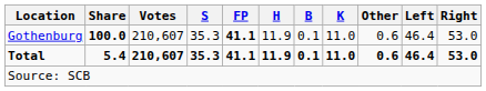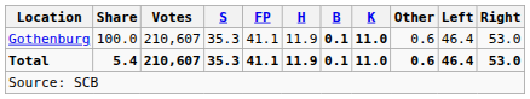 <table class="wikitable sortable" style=text-align:right>
 <tr>
 <th>Location</th>
 <th>Share</th>
 <th>Votes</th>
 <th><a href='#'>S</a></th>
 <th><a href='#'>FP</a></th>
 <th><a href='#'>H</a></th>
 <th><a href='#'>B</a></th>
 <th><a href='#'>K</a></th>
 <th>Other</th>
 <th>Left</th>
 <th>Right</th>
 </tr>
 <tr>
 <td align=left><a href='#'>Gothenburg</a></td>
-<td><strong>100.0</strong></td>
+<td>100.0</td>
 <td>210,607</td>
 <td>35.3</td>
-<td><strong>41.1</strong></td>
+<td>41.1</td>
 <td>11.9</td>
-<td>0.1</td>
-<td>11.0</td>
+<td><strong>0.1</strong></td>
+<td><strong>11.0</strong></td>
 <td>0.6</td>
 <td>46.4</td>
 <td>53.0</td>
 </tr>
 <tr>
 <td align=left><strong>Total</strong></td>
 <td><strong>5.4</strong></td>
 <td><strong>210,607</strong></td>
 <td><strong>35.3</strong></td>
 <td><strong>41.1</strong></td>
 <td><strong>11.9</strong></td>
 <td><strong>0.1</strong></td>
 <td><strong>11.0</strong></td>
 <td><strong>0.6</strong></td>
 <td><strong>46.4</strong></td>
 <td><strong>53.0</strong></td>
 </tr>
 <tr>
 <td align=left colspan=11>Source: SCB </td>
 </tr>
 </table>
